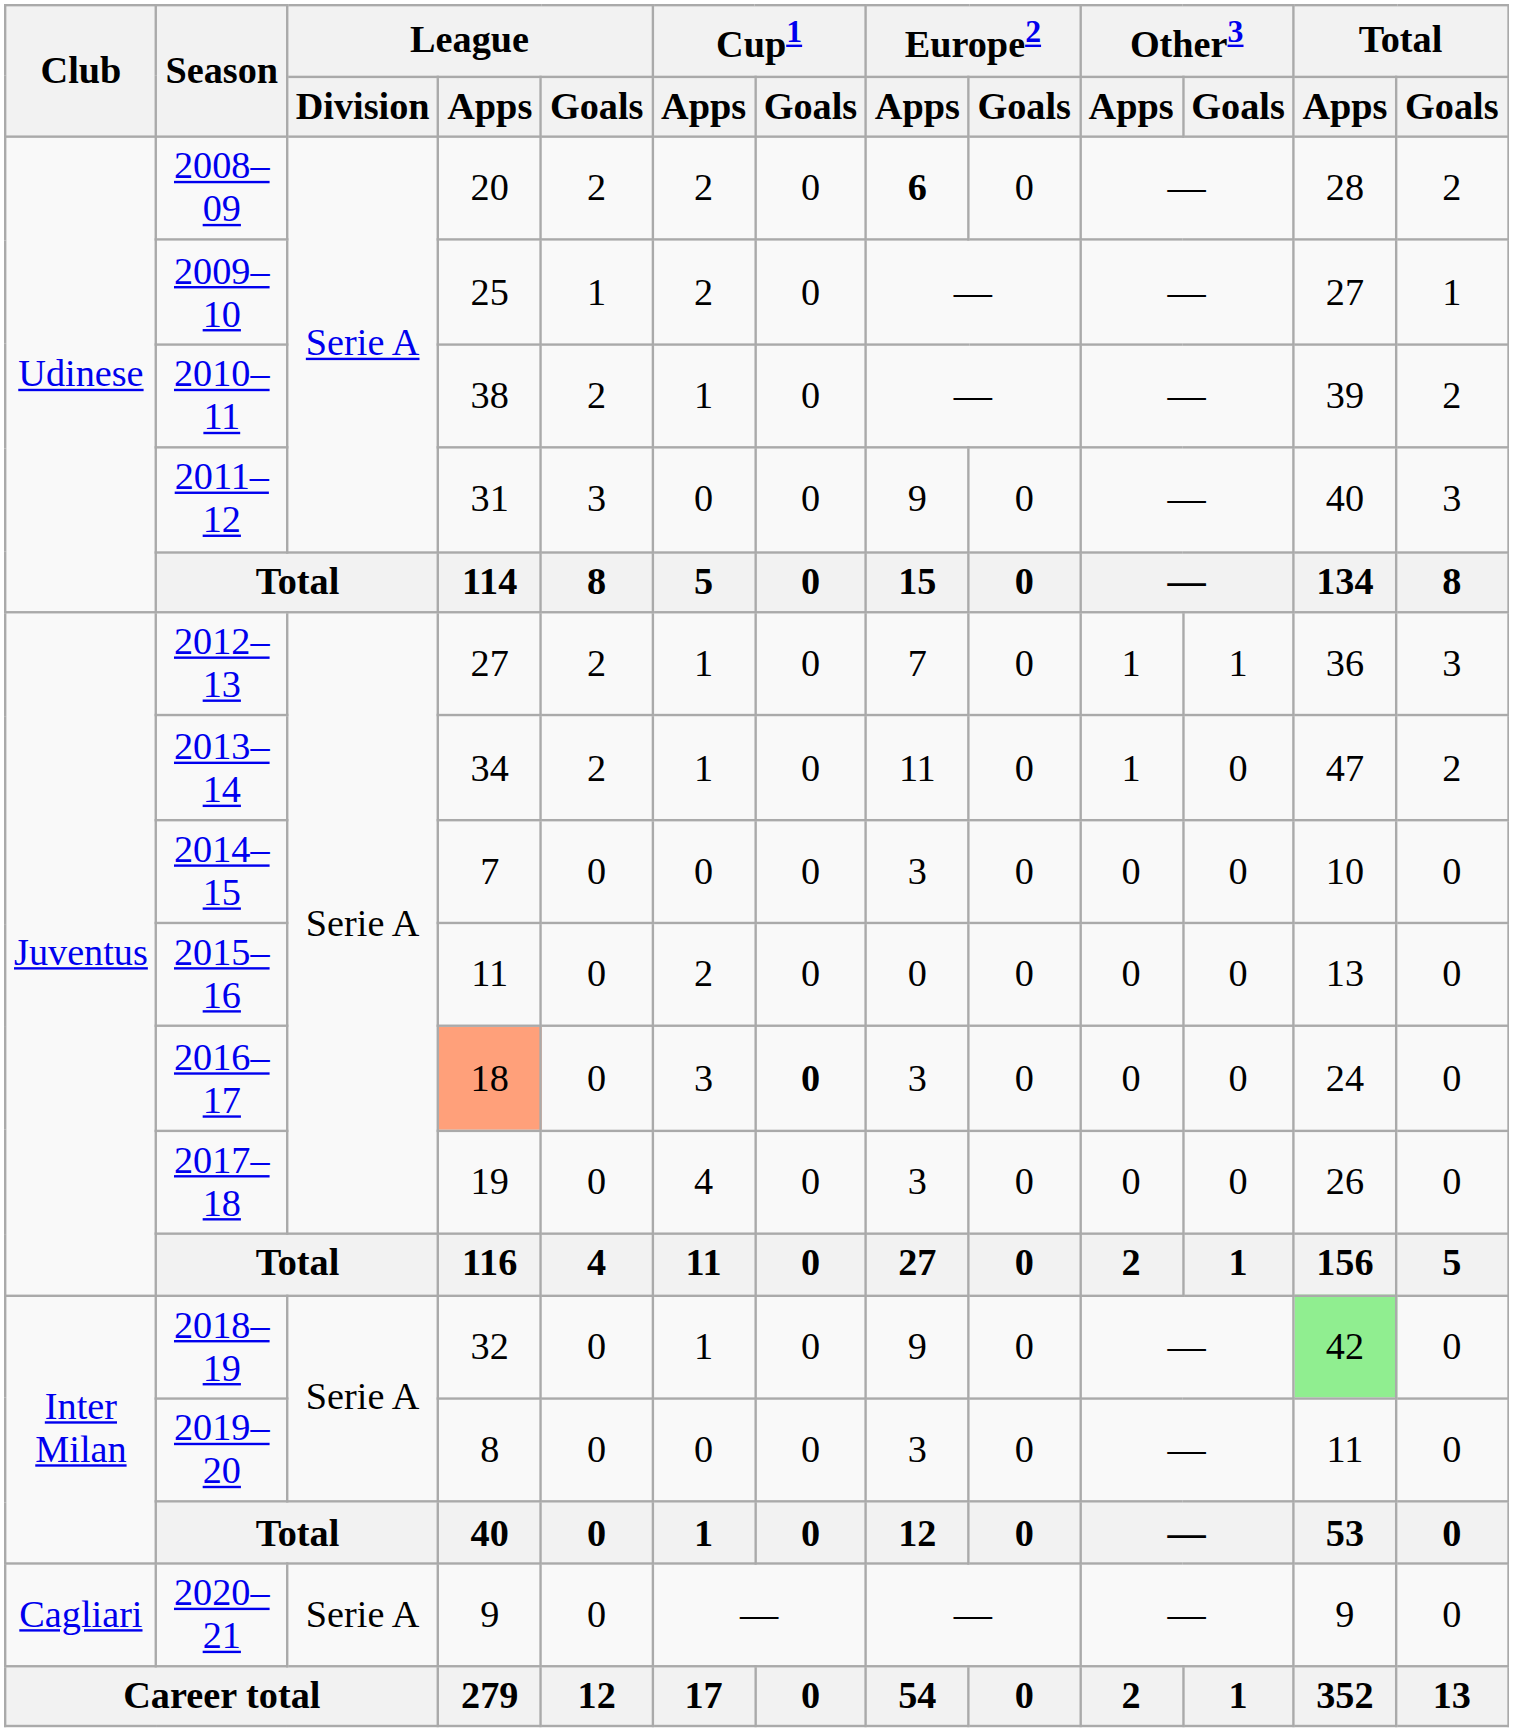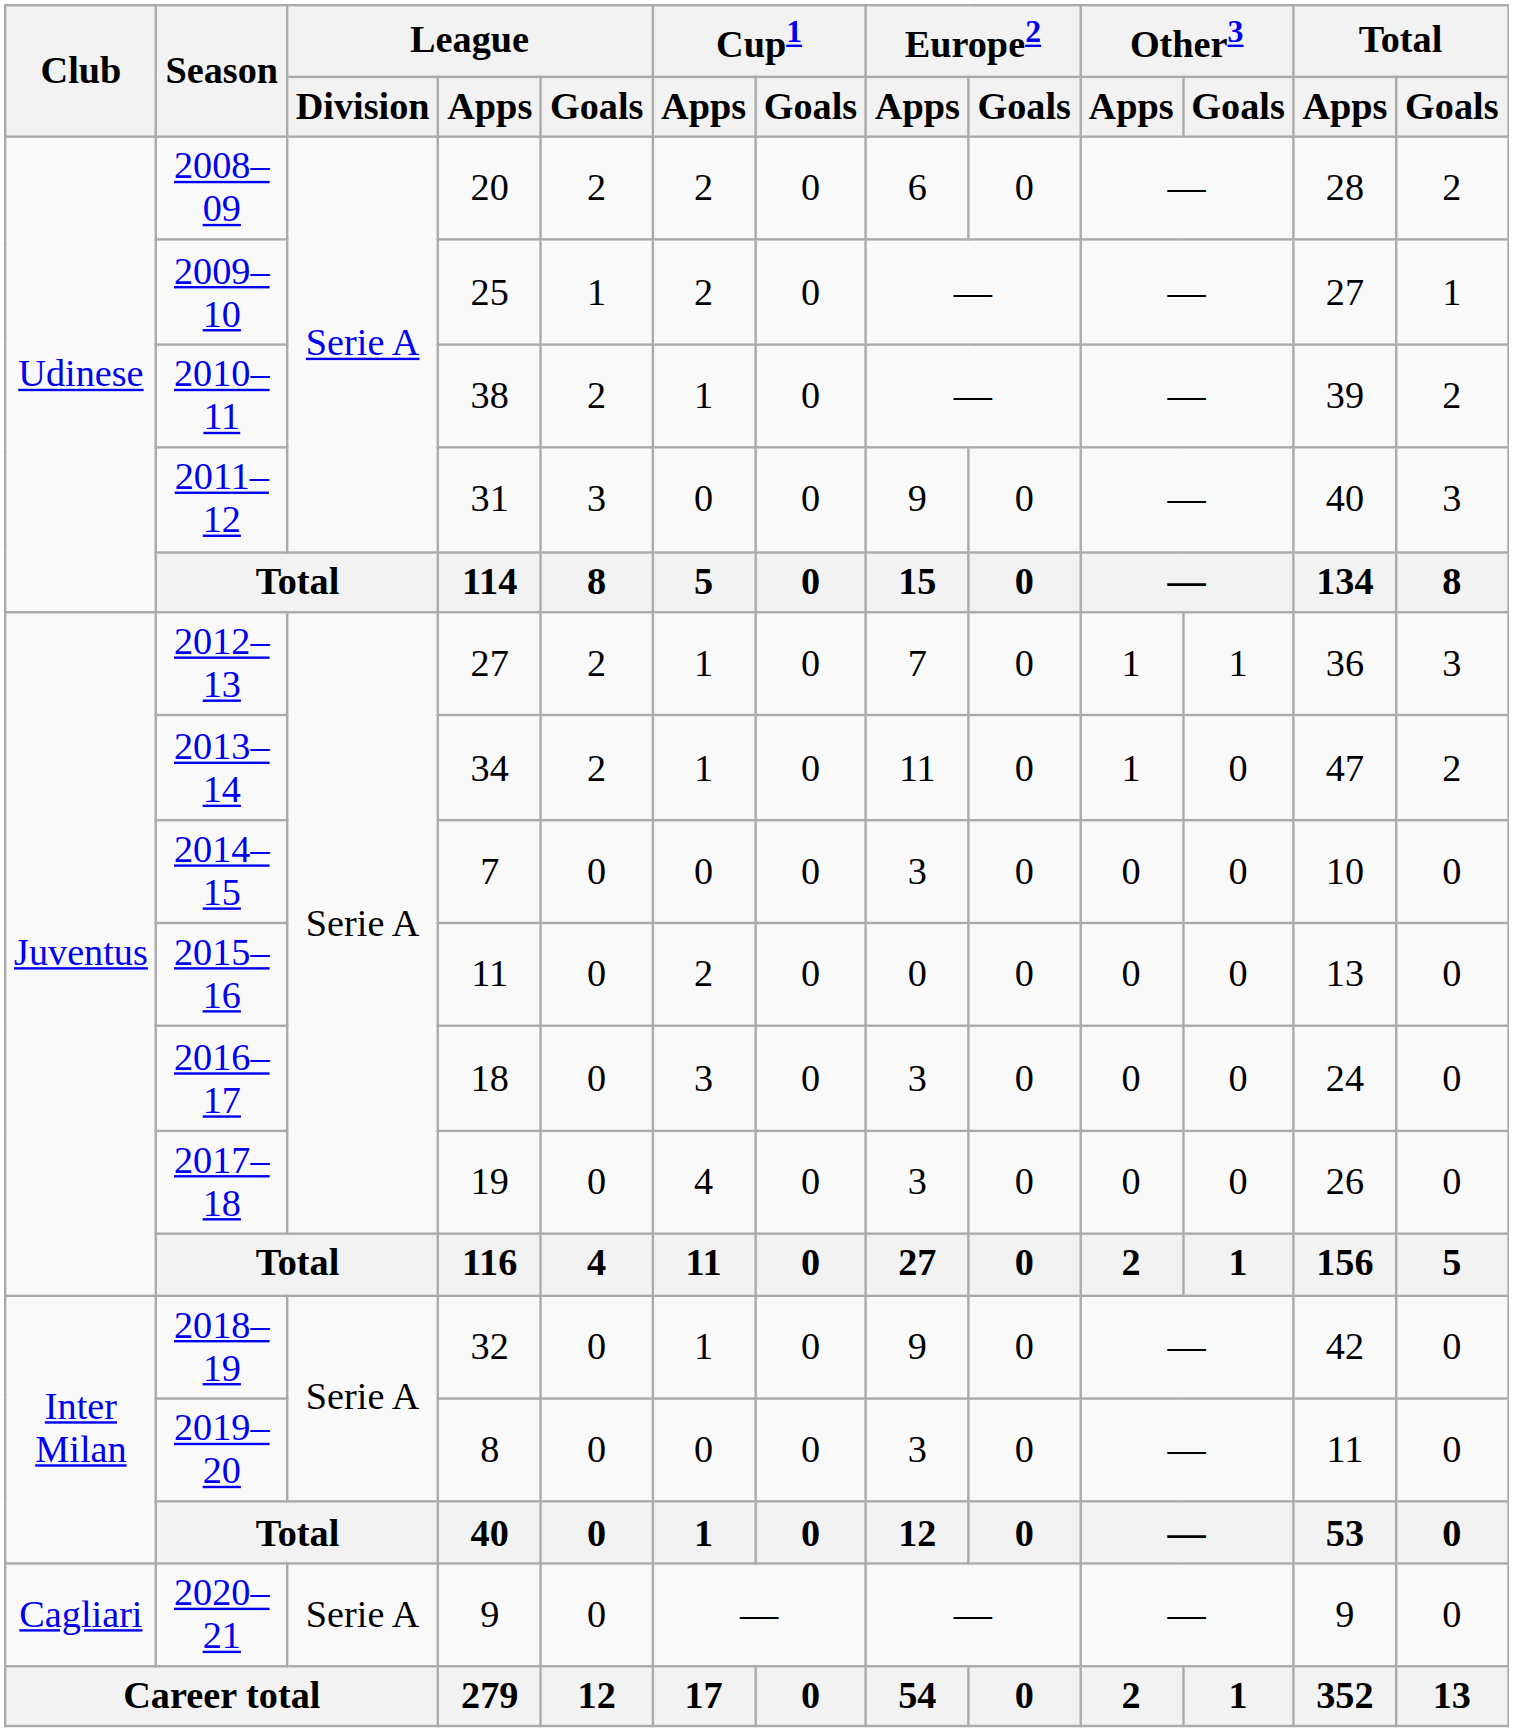 <table class="wikitable" style="text-align: center">
 <tr>
 <th rowspan="2">Club</th>
 <th rowspan="2">Season</th>
 <th colspan="3">League</th>
 <th colspan="2">Cup<sup><a href='#'>1</a></sup></th>
 <th colspan="2">Europe<sup><a href='#'>2</a></sup></th>
 <th colspan="2">Other<sup><a href='#'>3</a></sup></th>
 <th colspan="2">Total</th>
 </tr>
 <tr>
 <th>Division</th>
 <th>Apps</th>
 <th>Goals</th>
 <th>Apps</th>
 <th>Goals</th>
 <th>Apps</th>
 <th>Goals</th>
 <th>Apps</th>
 <th>Goals</th>
 <th>Apps</th>
 <th>Goals</th>
 </tr>
 <tr>
 <td rowspan="5"><a href='#'>Udinese</a></td>
 <td><a href='#'>2008–09</a></td>
 <td rowspan="4"><a href='#'>Serie A</a></td>
 <td>20</td>
 <td>2</td>
 <td>2</td>
 <td>0</td>
-<td><strong>6</strong></td>
+<td>6</td>
 <td>0</td>
 <td colspan="2">—</td>
 <td>28</td>
 <td>2</td>
 </tr>
 <tr>
 <td><a href='#'>2009–10</a></td>
 <td>25</td>
 <td>1</td>
 <td>2</td>
 <td>0</td>
 <td colspan="2">—</td>
 <td colspan="2">—</td>
 <td>27</td>
 <td>1</td>
 </tr>
 <tr>
 <td><a href='#'>2010–11</a></td>
 <td>38</td>
 <td>2</td>
 <td>1</td>
 <td>0</td>
 <td colspan="2">—</td>
 <td colspan="2">—</td>
 <td>39</td>
 <td>2</td>
 </tr>
 <tr>
 <td><a href='#'>2011–12</a></td>
 <td>31</td>
 <td>3</td>
 <td>0</td>
 <td>0</td>
 <td>9</td>
 <td>0</td>
 <td colspan="2">—</td>
 <td>40</td>
 <td>3</td>
 </tr>
 <tr>
 <th colspan="2">Total</th>
 <th>114</th>
 <th>8</th>
 <th>5</th>
 <th>0</th>
 <th>15</th>
 <th>0</th>
 <th colspan="2">—</th>
 <th>134</th>
 <th>8</th>
 </tr>
 <tr>
 <td rowspan="7"><a href='#'>Juventus</a></td>
 <td><a href='#'>2012–13</a></td>
 <td rowspan="6">Serie A</td>
 <td>27</td>
 <td>2</td>
 <td>1</td>
 <td>0</td>
 <td>7</td>
 <td>0</td>
 <td>1</td>
 <td>1</td>
 <td>36</td>
 <td>3</td>
 </tr>
 <tr>
 <td><a href='#'>2013–14</a></td>
 <td>34</td>
 <td>2</td>
 <td>1</td>
 <td>0</td>
 <td>11</td>
 <td>0</td>
 <td>1</td>
 <td>0</td>
 <td>47</td>
 <td>2</td>
 </tr>
 <tr>
 <td><a href='#'>2014–15</a></td>
 <td>7</td>
 <td>0</td>
 <td>0</td>
 <td>0</td>
 <td>3</td>
 <td>0</td>
 <td>0</td>
 <td>0</td>
 <td>10</td>
 <td>0</td>
 </tr>
 <tr>
 <td><a href='#'>2015–16</a></td>
 <td>11</td>
 <td>0</td>
 <td>2</td>
 <td>0</td>
 <td>0</td>
 <td>0</td>
 <td>0</td>
 <td>0</td>
 <td>13</td>
 <td>0</td>
 </tr>
 <tr>
 <td><a href='#'>2016–17</a></td>
-<td style="background: lightsalmon;">18</td>
+<td>18</td>
 <td>0</td>
 <td>3</td>
-<td><strong>0</strong></td>
+<td>0</td>
 <td>3</td>
 <td>0</td>
 <td>0</td>
 <td>0</td>
 <td>24</td>
 <td>0</td>
 </tr>
 <tr>
 <td><a href='#'>2017–18</a></td>
 <td>19</td>
 <td>0</td>
 <td>4</td>
 <td>0</td>
 <td>3</td>
 <td>0</td>
 <td>0</td>
 <td>0</td>
 <td>26</td>
 <td>0</td>
 </tr>
 <tr>
 <th colspan="2">Total</th>
 <th>116</th>
 <th>4</th>
 <th>11</th>
 <th>0</th>
 <th>27</th>
 <th>0</th>
 <th>2</th>
 <th>1</th>
 <th>156</th>
 <th>5</th>
 </tr>
 <tr>
 <td rowspan="3"><a href='#'>Inter Milan</a></td>
 <td><a href='#'>2018–19</a></td>
 <td rowspan="2">Serie A</td>
 <td>32</td>
 <td>0</td>
 <td>1</td>
 <td>0</td>
 <td>9</td>
 <td>0</td>
 <td colspan="2">—</td>
-<td style="background: lightgreen;">42</td>
+<td>42</td>
 <td>0</td>
 </tr>
 <tr>
 <td><a href='#'>2019–20</a></td>
 <td>8</td>
 <td>0</td>
 <td>0</td>
 <td>0</td>
 <td>3</td>
 <td>0</td>
 <td colspan="2">—</td>
 <td>11</td>
 <td>0</td>
 </tr>
 <tr>
 <th colspan="2">Total</th>
 <th>40</th>
 <th>0</th>
 <th>1</th>
 <th>0</th>
 <th>12</th>
 <th>0</th>
 <th colspan="2">—</th>
 <th>53</th>
 <th>0</th>
 </tr>
 <tr>
 <td><a href='#'>Cagliari</a></td>
 <td><a href='#'>2020–21</a></td>
 <td>Serie A</td>
 <td>9</td>
 <td>0</td>
 <td colspan="2">—</td>
 <td colspan="2">—</td>
 <td colspan="2">—</td>
 <td>9</td>
 <td>0</td>
 </tr>
 <tr>
 <th colspan="3">Career total</th>
 <th>279</th>
 <th>12</th>
 <th>17</th>
 <th>0</th>
 <th>54</th>
 <th>0</th>
 <th>2</th>
 <th>1</th>
 <th>352</th>
 <th>13</th>
 </tr>
 </table>
